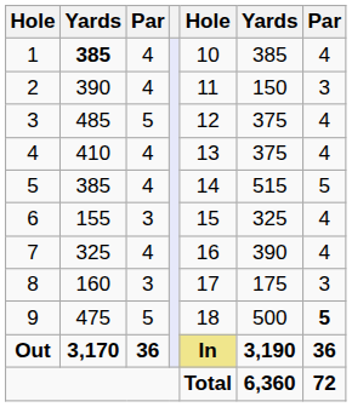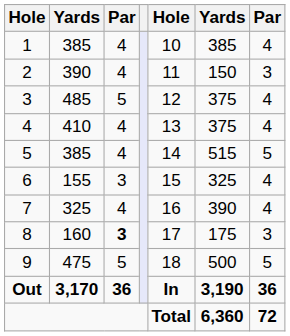 <table class="wikitable" style="text-align:center; font-size:100%">
 <tr>
 <th>Hole</th>
 <th>Yards</th>
 <th>Par</th>
 <th></th>
 <th>Hole</th>
 <th>Yards</th>
 <th>Par</th>
 </tr>
 <tr>
 <td>1</td>
-<td><strong>385</strong></td>
+<td>385</td>
 <td>4</td>
 <td rowspan=10 style="background:#E6E8FA;"></td>
 <td>10</td>
 <td>385</td>
 <td>4</td>
 </tr>
 <tr>
 <td>2</td>
 <td>390</td>
 <td>4</td>
 <td>11</td>
 <td>150</td>
 <td>3</td>
 </tr>
 <tr>
 <td>3</td>
 <td>485</td>
 <td>5</td>
 <td>12</td>
 <td>375</td>
 <td>4</td>
 </tr>
 <tr>
 <td>4</td>
 <td>410</td>
 <td>4</td>
 <td>13</td>
 <td>375</td>
 <td>4</td>
 </tr>
 <tr>
 <td>5</td>
 <td>385</td>
 <td>4</td>
 <td>14</td>
 <td>515</td>
 <td>5</td>
 </tr>
 <tr>
 <td>6</td>
 <td>155</td>
 <td>3</td>
 <td>15</td>
 <td>325</td>
 <td>4</td>
 </tr>
 <tr>
 <td>7</td>
 <td>325</td>
 <td>4</td>
 <td>16</td>
 <td>390</td>
 <td>4</td>
 </tr>
 <tr>
 <td>8</td>
 <td>160</td>
-<td>3</td>
+<td><strong>3</strong></td>
 <td>17</td>
 <td>175</td>
 <td>3</td>
 </tr>
 <tr>
 <td>9</td>
 <td>475</td>
 <td>5</td>
 <td>18</td>
 <td>500</td>
-<td><strong>5</strong></td>
+<td>5</td>
 </tr>
 <tr>
 <td colspan=1><strong>Out</strong></td>
 <td><strong>3,170</strong></td>
 <td><strong>36</strong></td>
-<td colspan=1 style="background: khaki;"><strong>In</strong></td>
+<td colspan=1><strong>In</strong></td>
 <td><strong>3,190</strong></td>
 <td><strong>36</strong></td>
 </tr>
 <tr>
 <td colspan=4 align=left></td>
 <td colspan=1><strong>Total</strong></td>
 <td><strong>6,360</strong></td>
 <td><strong>72</strong></td>
 </tr>
 </table>
